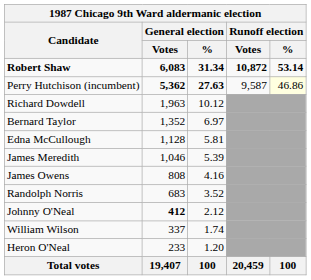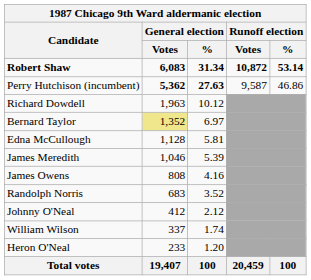 <table class=wikitable>
 <tr>
 <th colspan=5>1987 Chicago 9th Ward aldermanic election</th>
 </tr>
 <tr>
 <th colspan=1 rowspan=2>Candidate</th>
 <th colspan=2><strong>General election</strong></th>
 <th colspan=2><strong>Runoff election</strong></th>
 </tr>
 <tr>
 <th>Votes</th>
 <th>%</th>
 <th>Votes</th>
 <th>%</th>
 </tr>
 <tr>
 <td><strong>Robert Shaw</strong></td>
 <td align="right"><strong>6,083</strong></td>
 <td align="right"><strong>31.34</strong></td>
 <td align="right"><strong>10,872</strong></td>
 <td align="right"><strong>53.14</strong></td>
 </tr>
 <tr>
 <td>Perry Hutchison (incumbent)</td>
 <td align="right"><strong>5,362</strong></td>
 <td align="right"><strong>27.63</strong></td>
 <td align="right">9,587</td>
-<td align="right" style="background: lightyellow;">46.86</td>
+<td align="right">46.86</td>
 </tr>
 <tr>
 <td>Richard Dowdell</td>
 <td align="right">1,963</td>
 <td align="right">10.12</td>
 <td colspan=2 bgcolor=darkgray></td>
 </tr>
 <tr>
 <td>Bernard Taylor</td>
-<td align="right">1,352</td>
+<td align="right" style="background: khaki;">1,352</td>
 <td align="right">6.97</td>
 <td colspan=2 bgcolor=darkgray></td>
 </tr>
 <tr>
 <td>Edna McCullough</td>
 <td align="right">1,128</td>
 <td align="right">5.81</td>
 <td colspan=2 bgcolor=darkgray></td>
 </tr>
 <tr>
 <td>James Meredith</td>
 <td align="right">1,046</td>
 <td align="right">5.39</td>
 <td colspan=2 bgcolor=darkgray></td>
 </tr>
 <tr>
 <td>James Owens</td>
 <td align="right">808</td>
 <td align="right">4.16</td>
 <td colspan=2 bgcolor=darkgray></td>
 </tr>
 <tr>
 <td>Randolph Norris</td>
 <td align="right">683</td>
 <td align="right">3.52</td>
 <td colspan=2 bgcolor=darkgray></td>
 </tr>
 <tr>
 <td>Johnny O'Neal</td>
-<td align="right"><strong>412</strong></td>
+<td align="right">412</td>
 <td align="right">2.12</td>
 <td colspan=2 bgcolor=darkgray></td>
 </tr>
 <tr>
 <td>William Wilson</td>
 <td align="right">337</td>
 <td align="right">1.74</td>
 <td colspan=2 bgcolor=darkgray></td>
 </tr>
 <tr>
 <td>Heron O'Neal</td>
 <td align="right">233</td>
 <td align="right">1.20</td>
 <td colspan=2 bgcolor=darkgray></td>
 </tr>
 <tr>
 <th>Total votes</th>
 <th>19,407</th>
 <th>100</th>
 <th>20,459</th>
 <th>100</th>
 </tr>
 </table>
